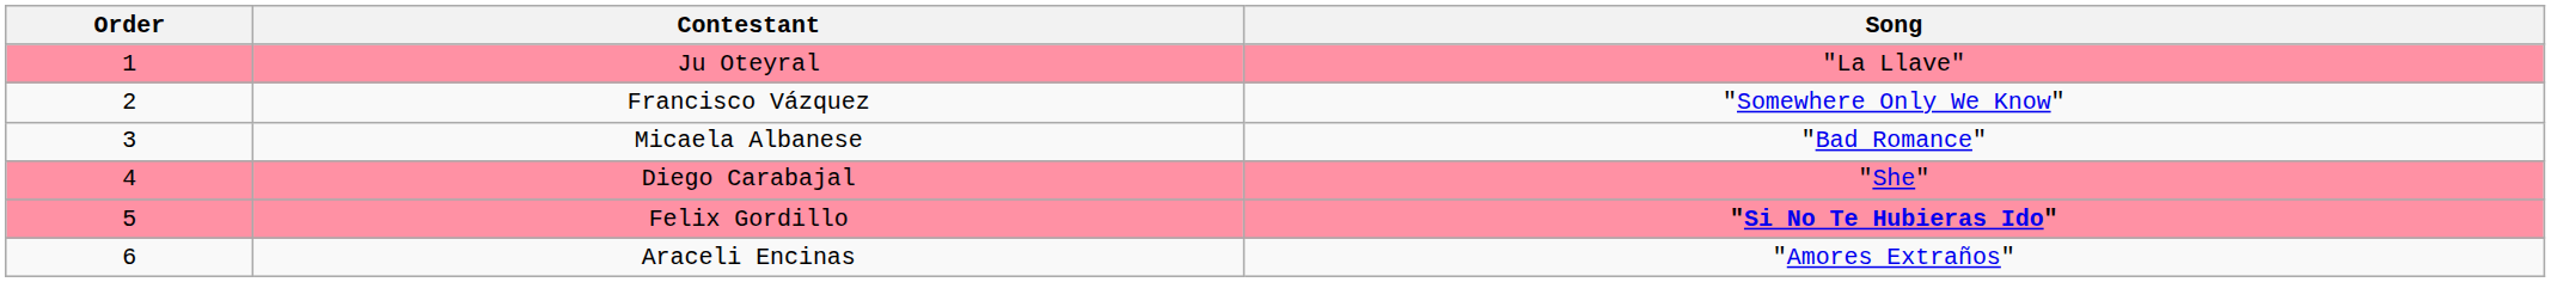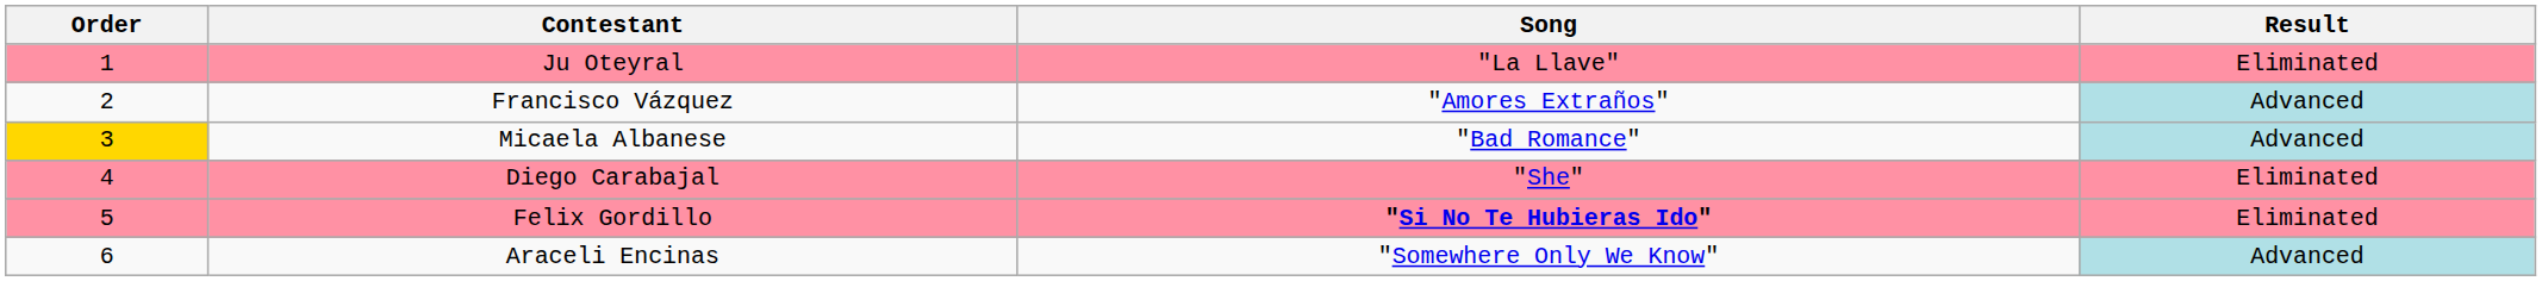 <table class="wikitable" style="text-align:center; width:70%;">
 <tr>
 <th scope="col" style="width:4%;">Order</th>
 <th scope="col" style="width:16%;">Contestant</th>
 <th scope="col" style="width:21%;">Song</th>
+<th scope="col" style="width:9%;">Result</th>
 </tr>
 <tr>
 <td style="background:#FF91A4;">1</td>
 <td style="background:#FF91A4;">Ju Oteyral</td>
 <td style="background:#FF91A4;">"La Llave"</td>
+<td style="background:#FF91A4;">Eliminated</td>
 </tr>
 <tr>
 <td>2</td>
 <td>Francisco Vázquez</td>
-<td>"<a href='#'>Somewhere Only We Know</a>"</td>
+<td>"<a href='#'>Amores Extraños</a>"</td>
+<td style="background:#B0E0E6;">Advanced</td>
 </tr>
 <tr>
-<td>3</td>
+<td style="background: gold;">3</td>
 <td>Micaela Albanese</td>
 <td>"<a href='#'>Bad Romance</a>"</td>
+<td style="background:#B0E0E6;">Advanced</td>
 </tr>
 <tr>
 <td style="background:#FF91A4;">4</td>
 <td style="background:#FF91A4;">Diego Carabajal</td>
 <td style="background:#FF91A4;">"<a href='#'>She</a>"</td>
+<td style="background:#FF91A4;">Eliminated</td>
 </tr>
 <tr>
 <td style="background:#FF91A4;">5</td>
 <td style="background:#FF91A4;">Felix Gordillo</td>
 <td style="background:#FF91A4;"><strong>"<a href='#'>Si No Te Hubieras Ido</a>"</strong></td>
+<td style="background:#FF91A4;">Eliminated</td>
 </tr>
 <tr>
 <td>6</td>
 <td>Araceli Encinas</td>
-<td>"<a href='#'>Amores Extraños</a>"</td>
+<td>"<a href='#'>Somewhere Only We Know</a>"</td>
+<td style="background:#B0E0E6;">Advanced</td>
 </tr>
 </table>
